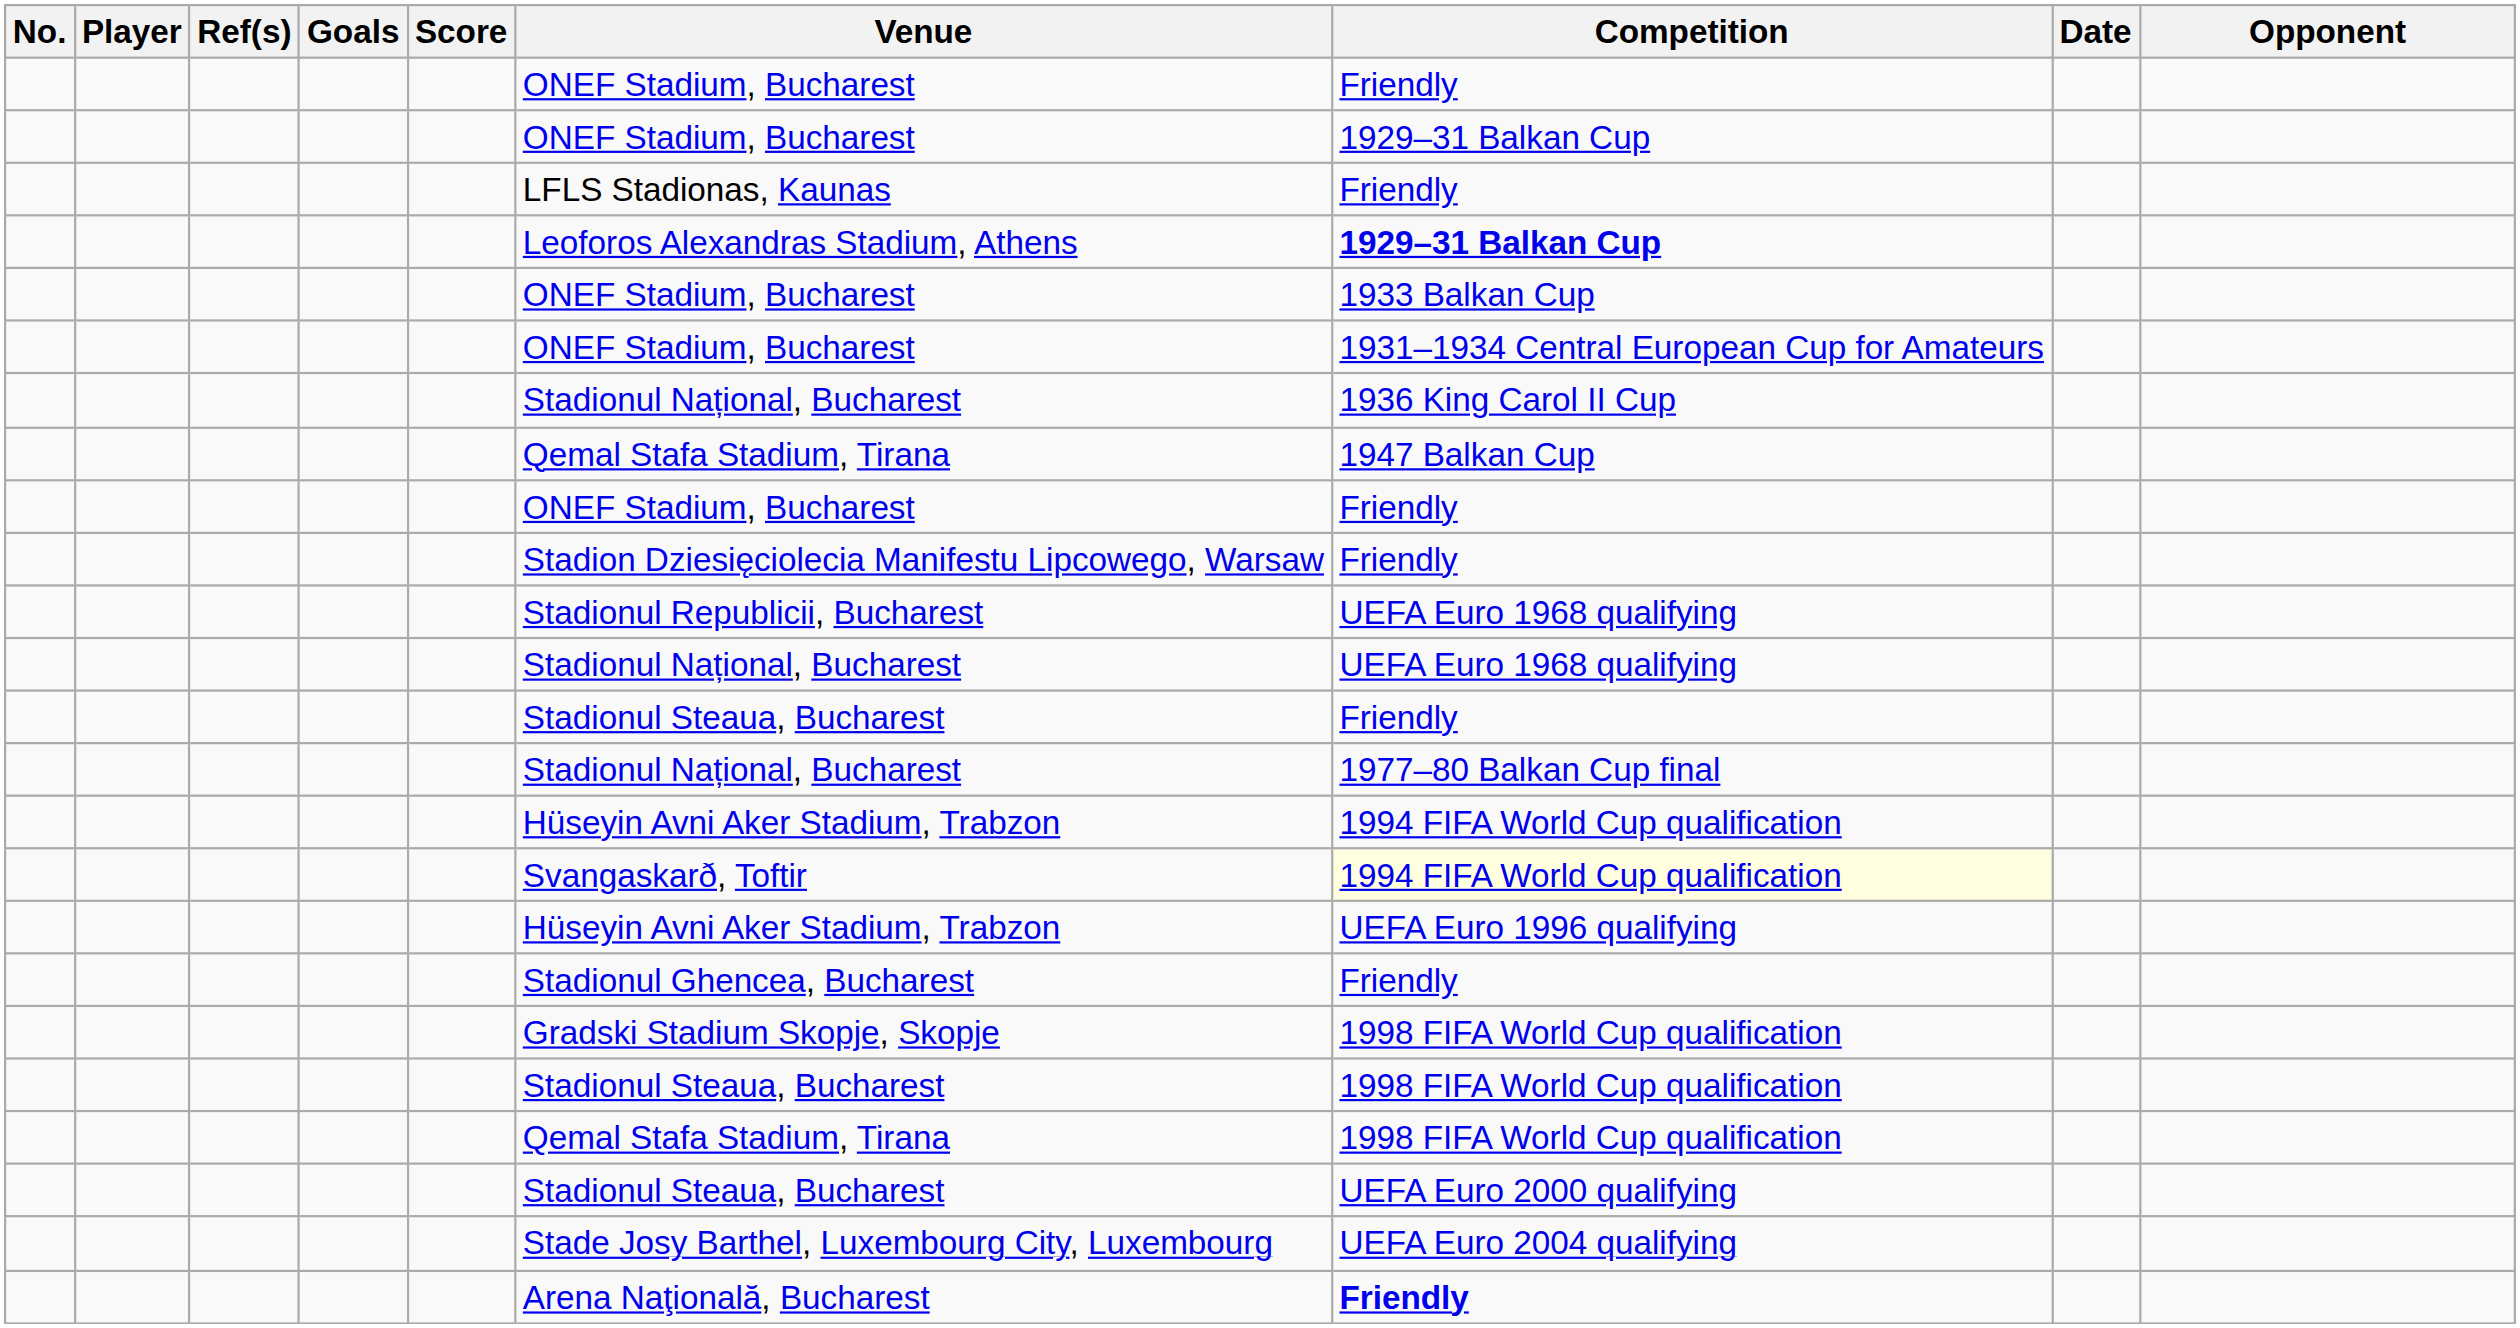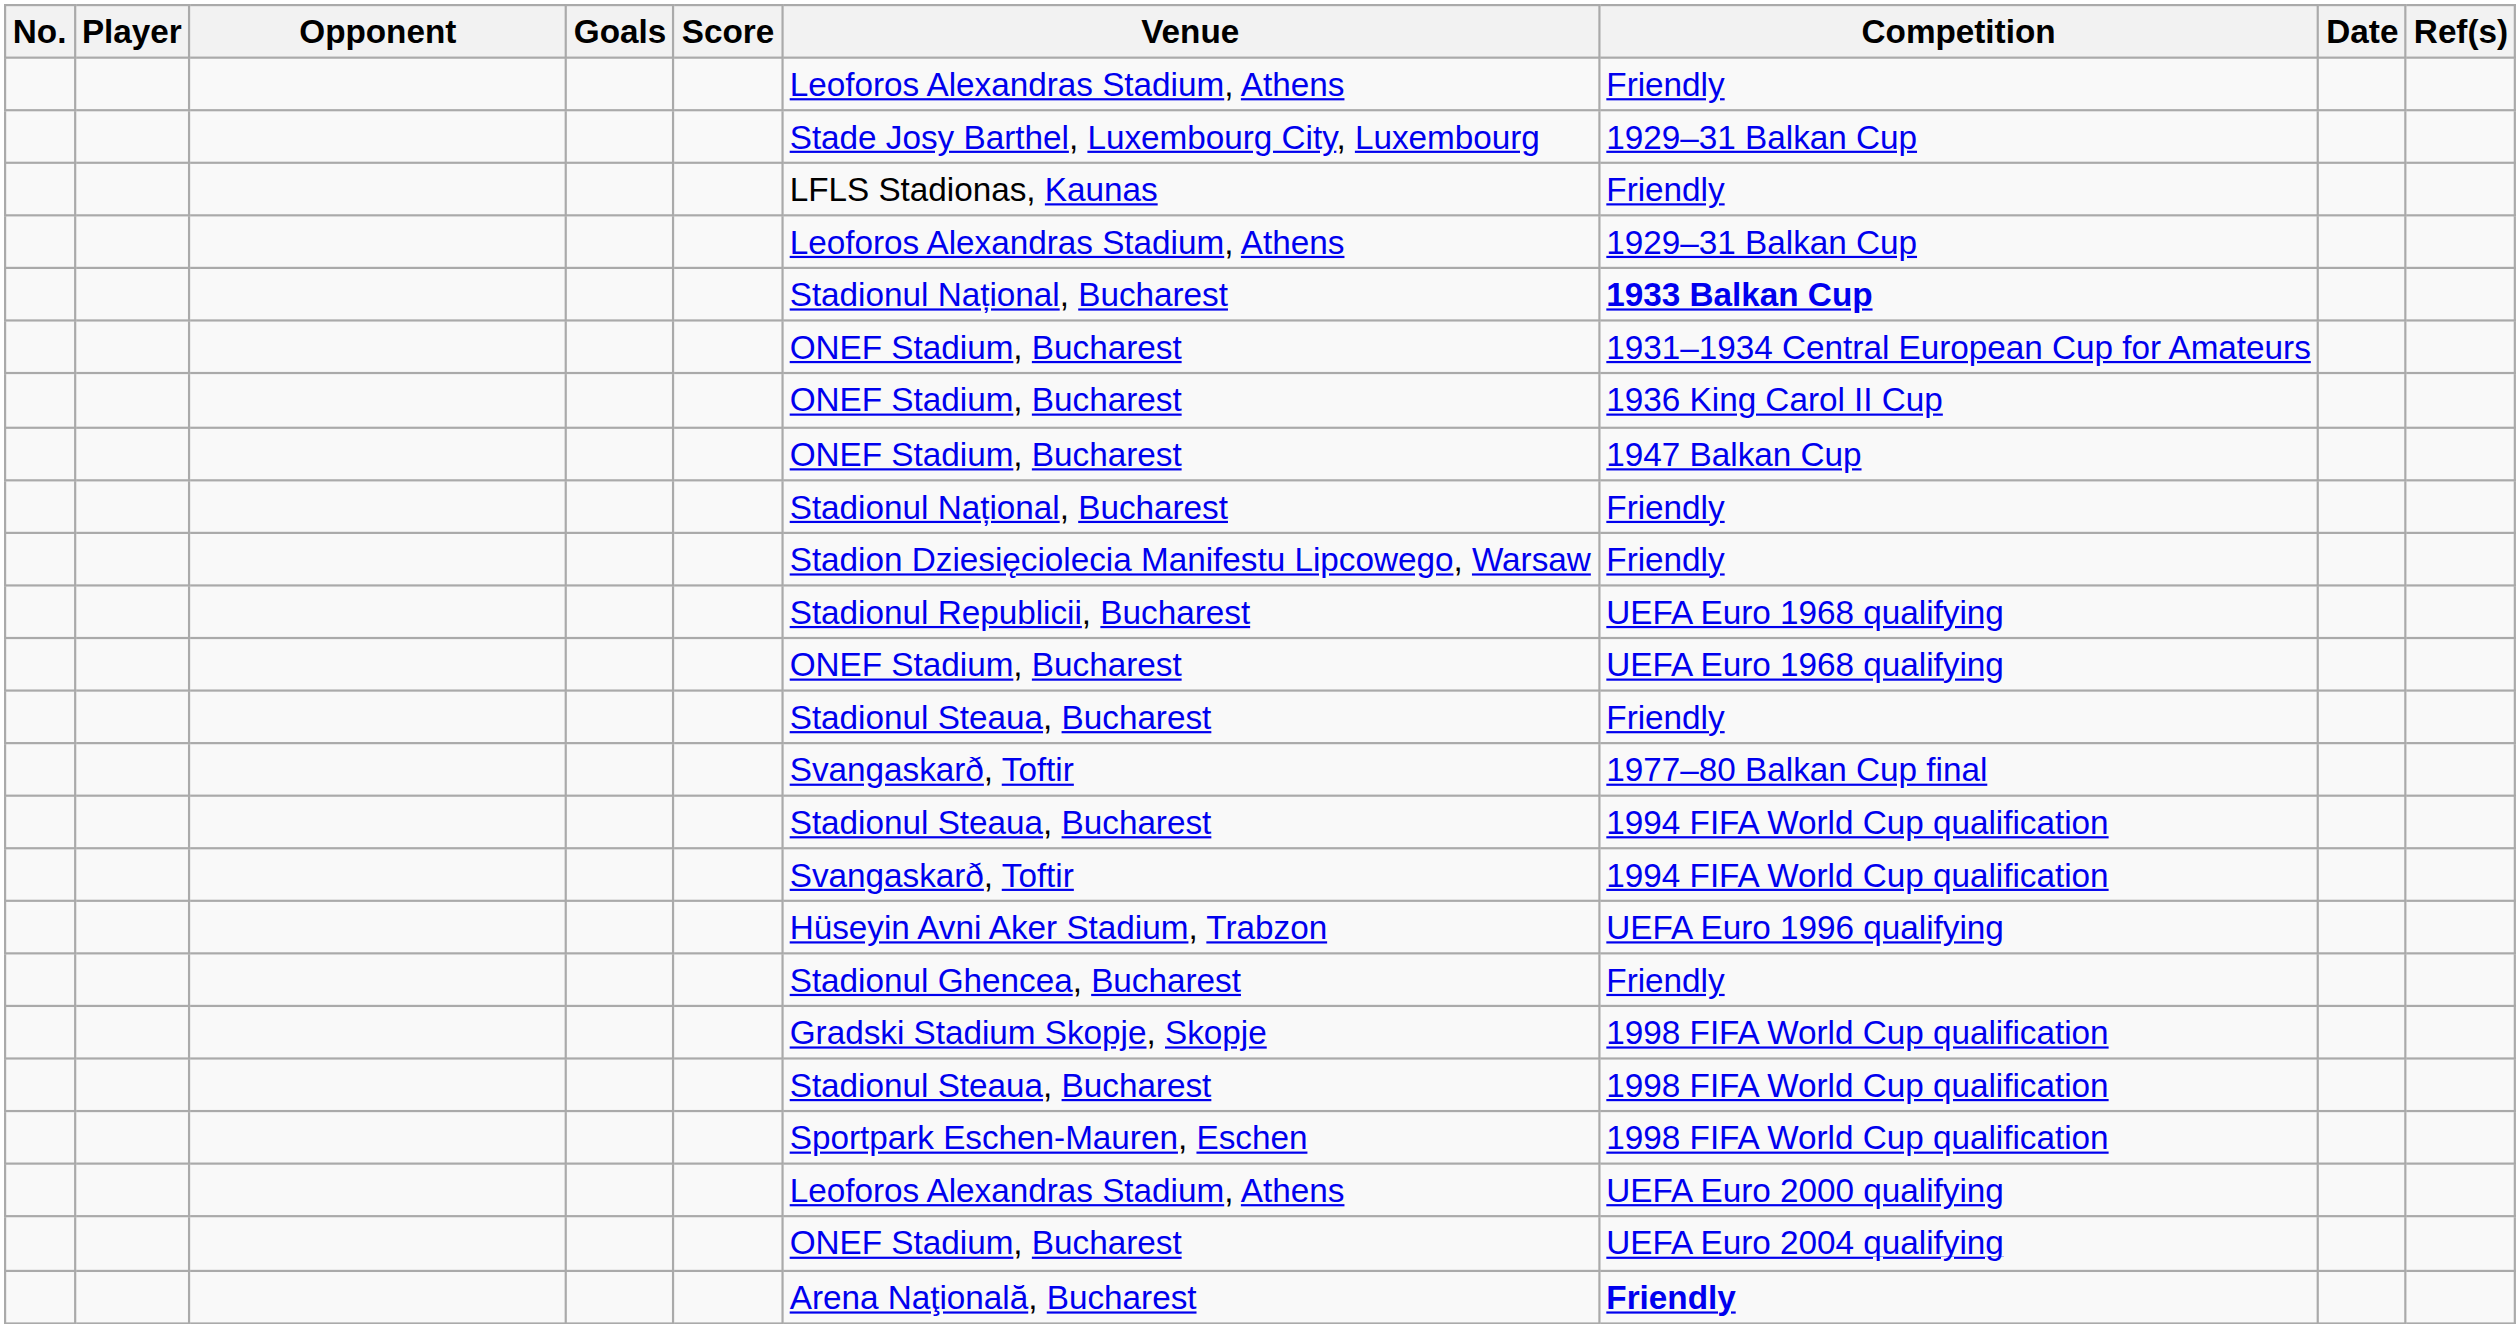 <table class="wikitable sortable" style="font-size:95%;">
 <tr>
 <th>No.</th>
 <th>Player</th>
-<th class="unsortable">Ref(s)</th>
+<th width="15%">Opponent</th>
 <th>Goals</th>
 <th class="align:center">Score</th>
 <th>Venue</th>
 <th>Competition</th>
 <th>Date</th>
-<th width="15%">Opponent</th>
+<th class="unsortable">Ref(s)</th>
 </tr>
 <tr>
 <td></td>
 <td></td>
 <td></td>
 <td></td>
 <td data-sort-value="3"></td>
-<td><a href='#'>ONEF Stadium</a>, <a href='#'>Bucharest</a></td>
+<td><a href='#'>Leoforos Alexandras Stadium</a>, <a href='#'>Athens</a></td>
 <td><a href='#'>Friendly</a></td>
 <td></td>
 <td></td>
 </tr>
 <tr>
 <td></td>
 <td></td>
 <td></td>
 <td></td>
 <td data-sort-value="3"></td>
-<td><a href='#'>ONEF Stadium</a>, <a href='#'>Bucharest</a></td>
+<td><a href='#'>Stade Josy Barthel</a>, <a href='#'>Luxembourg City</a>, <a href='#'>Luxembourg</a></td>
 <td><a href='#'>1929–31 Balkan Cup</a></td>
 <td></td>
 <td></td>
 </tr>
 <tr>
 <td></td>
 <td></td>
 <td></td>
 <td></td>
 <td data-sort-value="3"></td>
 <td>LFLS Stadionas, <a href='#'>Kaunas</a></td>
 <td><a href='#'>Friendly</a></td>
 <td></td>
 <td></td>
 </tr>
 <tr>
 <td></td>
 <td></td>
 <td></td>
 <td></td>
 <td data-sort-value="3"></td>
 <td><a href='#'>Leoforos Alexandras Stadium</a>, <a href='#'>Athens</a></td>
-<td><strong><a href='#'>1929–31 Balkan Cup</a></strong></td>
+<td><a href='#'>1929–31 Balkan Cup</a></td>
 <td></td>
 <td></td>
 </tr>
 <tr>
 <td></td>
 <td></td>
 <td></td>
 <td></td>
 <td data-sort-value="3"></td>
-<td><a href='#'>ONEF Stadium</a>, <a href='#'>Bucharest</a></td>
-<td><a href='#'>1933 Balkan Cup</a></td>
+<td><a href='#'>Stadionul Național</a>, <a href='#'>Bucharest</a></td>
+<td><strong><a href='#'>1933 Balkan Cup</a></strong></td>
 <td></td>
 <td></td>
 </tr>
 <tr>
 <td></td>
 <td></td>
 <td></td>
 <td></td>
 <td data-sort-value="3"></td>
 <td><a href='#'>ONEF Stadium</a>, <a href='#'>Bucharest</a></td>
 <td><a href='#'>1931–1934 Central European Cup for Amateurs</a></td>
 <td></td>
 <td></td>
 </tr>
 <tr>
 <td></td>
 <td></td>
 <td></td>
 <td></td>
 <td data-sort-value="3"></td>
-<td><a href='#'>Stadionul Național</a>, <a href='#'>Bucharest</a></td>
+<td><a href='#'>ONEF Stadium</a>, <a href='#'>Bucharest</a></td>
 <td><a href='#'>1936 King Carol II Cup</a></td>
 <td></td>
 <td></td>
 </tr>
 <tr>
 <td></td>
 <td></td>
 <td></td>
 <td></td>
 <td data-sort-value="3"></td>
-<td><a href='#'>Qemal Stafa Stadium</a>, <a href='#'>Tirana</a></td>
+<td><a href='#'>ONEF Stadium</a>, <a href='#'>Bucharest</a></td>
 <td><a href='#'>1947 Balkan Cup</a></td>
 <td></td>
 <td></td>
 </tr>
 <tr>
 <td></td>
 <td></td>
 <td></td>
 <td></td>
 <td data-sort-value="3"></td>
-<td><a href='#'>ONEF Stadium</a>, <a href='#'>Bucharest</a></td>
+<td><a href='#'>Stadionul Național</a>, <a href='#'>Bucharest</a></td>
 <td><a href='#'>Friendly</a></td>
 <td></td>
 <td></td>
 </tr>
 <tr>
 <td></td>
 <td></td>
 <td></td>
 <td></td>
 <td data-sort-value="3"></td>
 <td><a href='#'>Stadion Dziesięciolecia Manifestu Lipcowego</a>, <a href='#'>Warsaw</a></td>
 <td><a href='#'>Friendly</a></td>
 <td></td>
 <td></td>
 </tr>
 <tr>
 <td></td>
 <td></td>
 <td></td>
 <td></td>
 <td data-sort-value="3"></td>
 <td><a href='#'>Stadionul Republicii</a>, <a href='#'>Bucharest</a></td>
 <td><a href='#'>UEFA Euro 1968 qualifying</a></td>
 <td></td>
 <td></td>
 </tr>
 <tr>
 <td></td>
 <td></td>
 <td></td>
 <td></td>
 <td data-sort-value="3"></td>
-<td><a href='#'>Stadionul Național</a>, <a href='#'>Bucharest</a></td>
+<td><a href='#'>ONEF Stadium</a>, <a href='#'>Bucharest</a></td>
 <td><a href='#'>UEFA Euro 1968 qualifying</a></td>
 <td></td>
 <td></td>
 </tr>
 <tr>
 <td></td>
 <td></td>
 <td></td>
 <td></td>
 <td data-sort-value="3"></td>
 <td><a href='#'>Stadionul Steaua</a>, <a href='#'>Bucharest</a></td>
 <td><a href='#'>Friendly</a></td>
 <td></td>
 <td></td>
 </tr>
 <tr>
 <td></td>
 <td></td>
 <td></td>
 <td></td>
 <td data-sort-value="3"></td>
-<td><a href='#'>Stadionul Național</a>, <a href='#'>Bucharest</a></td>
+<td><a href='#'>Svangaskarð</a>, <a href='#'>Toftir</a></td>
 <td><a href='#'>1977–80 Balkan Cup final</a></td>
 <td></td>
 <td></td>
 </tr>
 <tr>
 <td></td>
 <td></td>
 <td></td>
 <td></td>
 <td data-sort-value="3"></td>
-<td><a href='#'>Hüseyin Avni Aker Stadium</a>, <a href='#'>Trabzon</a></td>
+<td><a href='#'>Stadionul Steaua</a>, <a href='#'>Bucharest</a></td>
 <td><a href='#'>1994 FIFA World Cup qualification</a></td>
 <td></td>
 <td></td>
 </tr>
 <tr>
 <td></td>
 <td></td>
 <td></td>
 <td></td>
 <td data-sort-value="3"></td>
 <td><a href='#'>Svangaskarð</a>, <a href='#'>Toftir</a></td>
-<td style="background: lightyellow;"><a href='#'>1994 FIFA World Cup qualification</a></td>
+<td><a href='#'>1994 FIFA World Cup qualification</a></td>
 <td></td>
 <td></td>
 </tr>
 <tr>
 <td></td>
 <td></td>
 <td></td>
 <td></td>
 <td data-sort-value="3"></td>
 <td><a href='#'>Hüseyin Avni Aker Stadium</a>, <a href='#'>Trabzon</a></td>
 <td><a href='#'>UEFA Euro 1996 qualifying</a></td>
 <td></td>
 <td></td>
 </tr>
 <tr>
 <td></td>
 <td></td>
 <td></td>
 <td></td>
 <td data-sort-value="3"></td>
 <td><a href='#'>Stadionul Ghencea</a>, <a href='#'>Bucharest</a></td>
 <td><a href='#'>Friendly</a></td>
 <td></td>
 <td></td>
 </tr>
 <tr>
 <td></td>
 <td></td>
 <td></td>
 <td></td>
 <td data-sort-value="3"></td>
 <td><a href='#'>Gradski Stadium Skopje</a>, <a href='#'>Skopje</a></td>
 <td><a href='#'>1998 FIFA World Cup qualification</a></td>
 <td></td>
 <td></td>
 </tr>
 <tr>
 <td></td>
 <td></td>
 <td></td>
 <td></td>
 <td data-sort-value="3"></td>
 <td><a href='#'>Stadionul Steaua</a>, <a href='#'>Bucharest</a></td>
 <td><a href='#'>1998 FIFA World Cup qualification</a></td>
 <td></td>
 <td></td>
 </tr>
 <tr>
 <td></td>
 <td></td>
 <td></td>
 <td></td>
 <td data-sort-value="3"></td>
-<td><a href='#'>Qemal Stafa Stadium</a>, <a href='#'>Tirana</a></td>
+<td><a href='#'>Sportpark Eschen-Mauren</a>, <a href='#'>Eschen</a></td>
 <td><a href='#'>1998 FIFA World Cup qualification</a></td>
 <td></td>
 <td></td>
 </tr>
 <tr>
 <td></td>
 <td></td>
 <td></td>
 <td></td>
 <td data-sort-value="3"></td>
-<td><a href='#'>Stadionul Steaua</a>, <a href='#'>Bucharest</a></td>
+<td><a href='#'>Leoforos Alexandras Stadium</a>, <a href='#'>Athens</a></td>
 <td><a href='#'>UEFA Euro 2000 qualifying</a></td>
 <td></td>
 <td></td>
 </tr>
 <tr>
 <td></td>
 <td></td>
 <td></td>
 <td></td>
 <td data-sort-value="3"></td>
-<td><a href='#'>Stade Josy Barthel</a>, <a href='#'>Luxembourg City</a>, <a href='#'>Luxembourg</a></td>
+<td><a href='#'>ONEF Stadium</a>, <a href='#'>Bucharest</a></td>
 <td><a href='#'>UEFA Euro 2004 qualifying</a></td>
 <td></td>
 <td></td>
 </tr>
 <tr>
 <td></td>
 <td></td>
 <td></td>
 <td></td>
 <td data-sort-value="3"></td>
 <td><a href='#'>Arena Naţională</a>, <a href='#'>Bucharest</a></td>
 <td><strong><a href='#'>Friendly</a></strong></td>
 <td></td>
 <td></td>
 </tr>
 </table>
